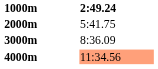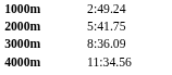 <table>
 <tr>
 <th width=100></th>
 <th width=100></th>
 <th width=200></th>
 </tr>
 <tr>
 <td><strong>1000m</strong></td>
-<td><strong>2:49.24</strong></td>
+<td>2:49.24</td>
 <td></td>
 </tr>
 <tr>
 <td><strong>2000m</strong></td>
 <td>5:41.75</td>
 <td></td>
 </tr>
 <tr>
 <td><strong>3000m</strong></td>
 <td>8:36.09</td>
 <td></td>
 </tr>
 <tr>
 <td><strong>4000m</strong></td>
-<td style="background: lightsalmon;">11:34.56</td>
+<td>11:34.56</td>
 <td></td>
 </tr>
 </table>
